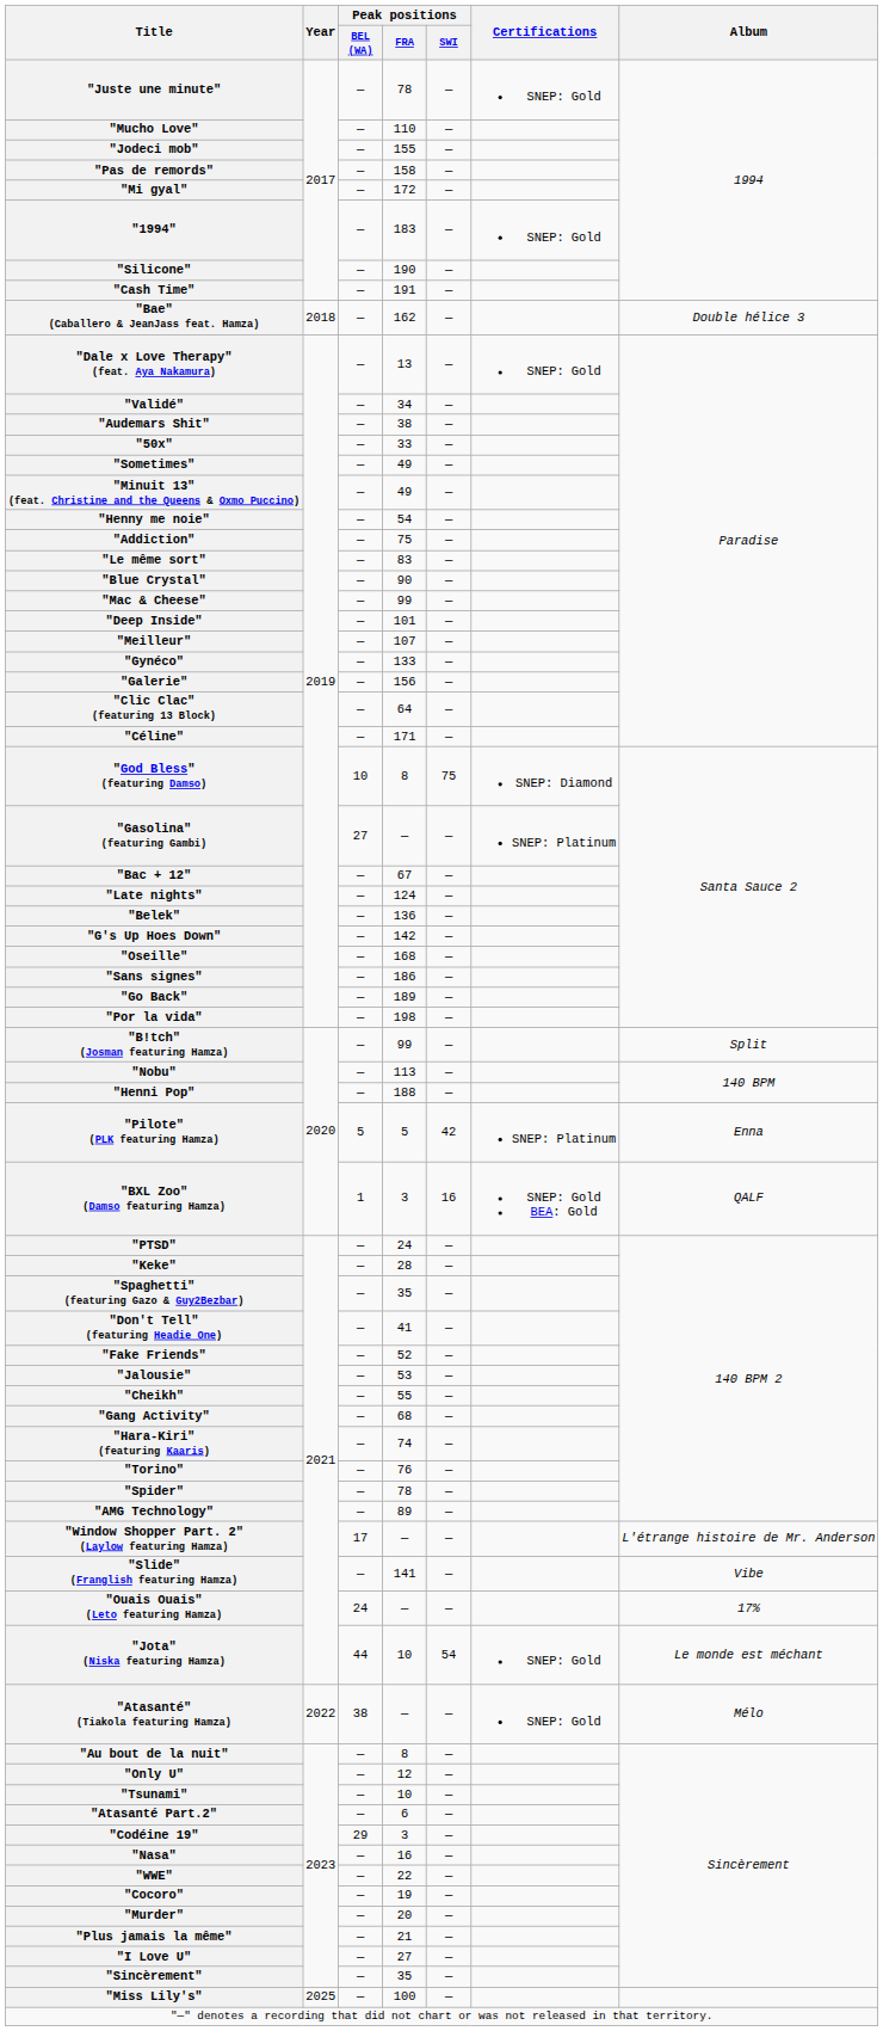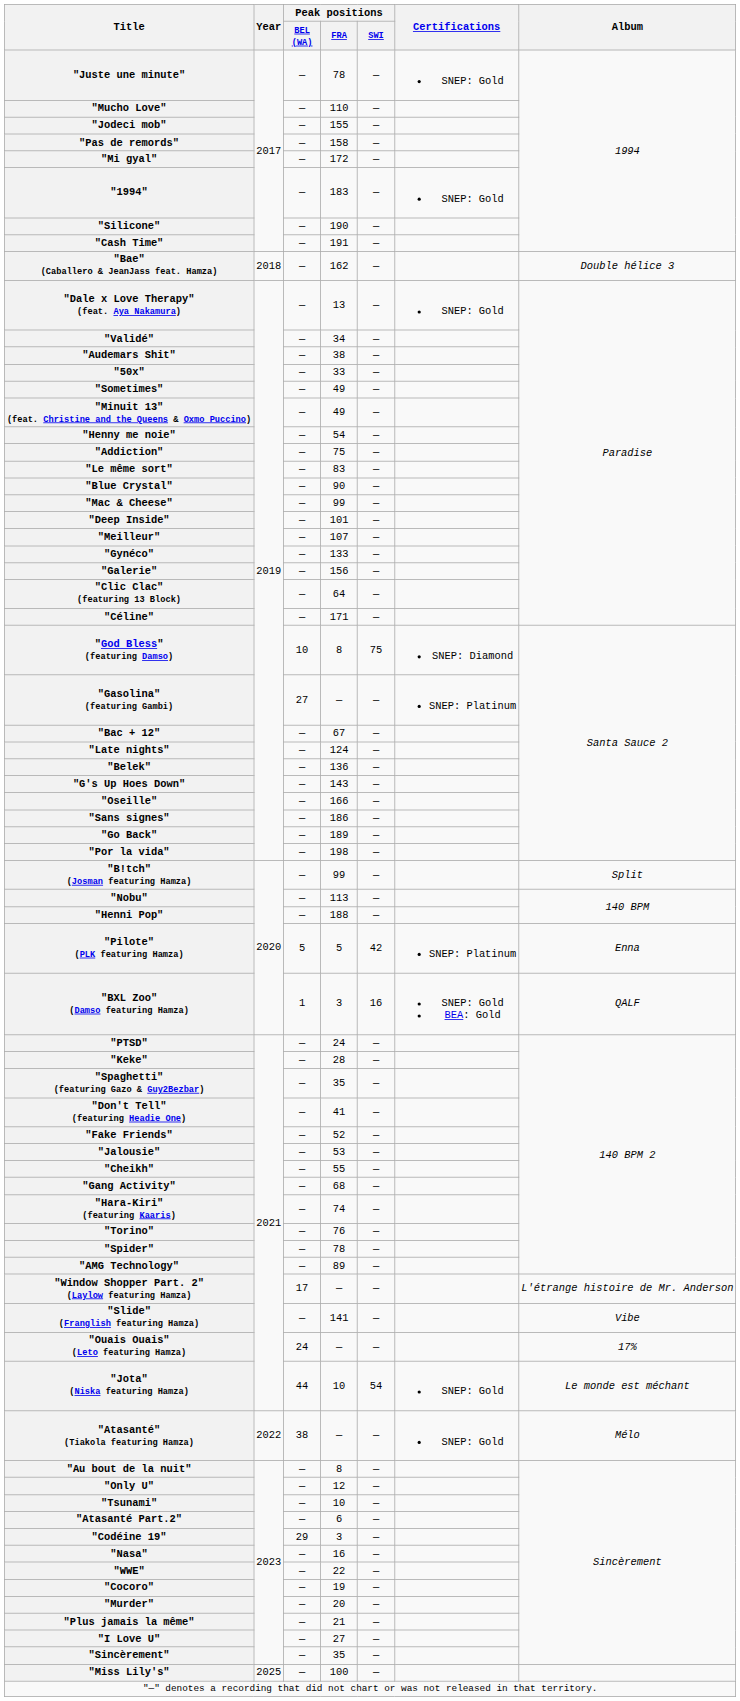 <table class="wikitable plainrowheaders" style="text-align:center;">
 <tr>
 <th rowspan="2" style="text-align:center;">Title</th>
 <th rowspan="2" style="text-align:center; width:10px;">Year</th>
 <th style="text-align:center;" colspan="3">Peak positions</th>
 <th align="center" rowspan="2"><a href='#'>Certifications</a></th>
 <th rowspan="2" style="text-align:center;">Album</th>
 </tr>
 <tr>
 <th width="40"><small><a href='#'>BEL<br>(WA)</a></small><br></th>
 <th width="40"><small><a href='#'>FRA</a></small><br></th>
 <th width="40"><small><a href='#'>SWI</a></small><br></th>
 </tr>
 <tr>
 <th scope="row">"Juste une minute"</th>
 <td style="text-align:center;" rowspan=8>2017</td>
 <td style="text-align:center;">—</td>
 <td style="text-align:center;">78</td>
 <td>—</td>
 <td><br><ul><li>SNEP: Gold</li></ul></td>
 <td style="text-align:center;" rowspan=8><em>1994</em></td>
 </tr>
 <tr>
 <th scope="row">"Mucho Love"</th>
 <td style="text-align:center;">—</td>
 <td style="text-align:center;">110</td>
 <td>—</td>
 <td></td>
 </tr>
 <tr>
 <th scope="row">"Jodeci mob"</th>
 <td style="text-align:center;">—</td>
 <td style="text-align:center;">155</td>
 <td>—</td>
 <td></td>
 </tr>
 <tr>
 <th scope="row">"Pas de remords"</th>
 <td style="text-align:center;">—</td>
 <td style="text-align:center;">158</td>
 <td>—</td>
 <td></td>
 </tr>
 <tr>
 <th scope="row">"Mi gyal"</th>
 <td style="text-align:center;">—</td>
 <td style="text-align:center;">172</td>
 <td>—</td>
 <td></td>
 </tr>
 <tr>
 <th scope="row">"1994"</th>
 <td style="text-align:center;">—</td>
 <td style="text-align:center;">183</td>
 <td>—</td>
 <td><br><ul><li>SNEP: Gold</li></ul></td>
 </tr>
 <tr>
 <th scope="row">"Silicone"</th>
 <td style="text-align:center;">—</td>
 <td style="text-align:center;">190</td>
 <td>—</td>
 <td></td>
 </tr>
 <tr>
 <th scope="row">"Cash Time"</th>
 <td style="text-align:center;">—</td>
 <td style="text-align:center;">191</td>
 <td>—</td>
 <td></td>
 </tr>
 <tr>
 <th scope="row">"Bae"<br><small>(Caballero & JeanJass feat. Hamza)</small></th>
 <td style="text-align:center;">2018</td>
 <td style="text-align:center;">—</td>
 <td style="text-align:center;">162</td>
 <td style="text-align:center;">—</td>
 <td></td>
 <td style="text-align:center;"><em>Double hélice 3</em></td>
 </tr>
 <tr>
 <th scope="row">"Dale x Love Therapy" <br><small>(feat. <a href='#'>Aya Nakamura</a>)</small></th>
 <td style="text-align:center;" rowspan=27>2019</td>
 <td style="text-align:center;">—</td>
 <td style="text-align:center;">13</td>
 <td>—</td>
 <td><br><ul><li>SNEP: Gold</li></ul></td>
 <td style="text-align:center;" rowspan=17><em>Paradise</em></td>
 </tr>
 <tr>
 <th scope="row">"Validé"</th>
 <td style="text-align:center;">—</td>
 <td style="text-align:center;">34</td>
 <td>—</td>
 <td></td>
 </tr>
 <tr>
 <th scope="row">"Audemars Shit"</th>
 <td style="text-align:center;">—</td>
 <td style="text-align:center;">38</td>
 <td>—</td>
 <td></td>
 </tr>
 <tr>
 <th scope="row">"50x"</th>
 <td style="text-align:center;">—</td>
 <td style="text-align:center;">33</td>
 <td>—</td>
 <td></td>
 </tr>
 <tr>
 <th scope="row">"Sometimes"</th>
 <td style="text-align:center;">—</td>
 <td style="text-align:center;">49</td>
 <td>—</td>
 <td></td>
 </tr>
 <tr>
 <th scope="row">"Minuit 13" <br><small>(feat. <a href='#'>Christine and the Queens</a> & <a href='#'>Oxmo Puccino</a>)</small></th>
 <td style="text-align:center;">—</td>
 <td style="text-align:center;">49</td>
 <td>—</td>
 <td></td>
 </tr>
 <tr>
 <th scope="row">"Henny me noie"</th>
 <td style="text-align:center;">—</td>
 <td style="text-align:center;">54</td>
 <td>—</td>
 <td></td>
 </tr>
 <tr>
 <th scope="row">"Addiction"</th>
 <td style="text-align:center;">—</td>
 <td style="text-align:center;">75</td>
 <td>—</td>
 <td></td>
 </tr>
 <tr>
 <th scope="row">"Le même sort"</th>
 <td style="text-align:center;">—</td>
 <td style="text-align:center;">83</td>
 <td>—</td>
 <td></td>
 </tr>
 <tr>
 <th scope="row">"Blue Crystal"</th>
 <td style="text-align:center;">—</td>
 <td style="text-align:center;">90</td>
 <td>—</td>
 <td></td>
 </tr>
 <tr>
 <th scope="row">"Mac & Cheese"</th>
 <td style="text-align:center;">—</td>
 <td style="text-align:center;">99</td>
 <td>—</td>
 <td></td>
 </tr>
 <tr>
 <th scope="row">"Deep Inside"</th>
 <td style="text-align:center;">—</td>
 <td style="text-align:center;">101</td>
 <td>—</td>
 <td></td>
 </tr>
 <tr>
 <th scope="row">"Meilleur"</th>
 <td style="text-align:center;">—</td>
 <td style="text-align:center;">107</td>
 <td>—</td>
 <td></td>
 </tr>
 <tr>
 <th scope="row">"Gynéco"</th>
 <td style="text-align:center;">—</td>
 <td style="text-align:center;">133</td>
 <td>—</td>
 <td></td>
 </tr>
 <tr>
 <th scope="row">"Galerie"</th>
 <td style="text-align:center;">—</td>
 <td style="text-align:center;">156</td>
 <td>—</td>
 <td></td>
 </tr>
 <tr>
 <th scope="row">"Clic Clac"<br><small>(featuring 13 Block)</small></th>
 <td style="text-align:center;">—</td>
 <td style="text-align:center;">64<br></td>
 <td>—</td>
 <td></td>
 </tr>
 <tr>
 <th scope="row">"Céline"</th>
 <td style="text-align:center;">—</td>
 <td style="text-align:center;">171<br></td>
 <td>—</td>
 <td></td>
 </tr>
 <tr>
 <th scope="row">"<a href='#'>God Bless</a>"<br><small>(featuring <a href='#'>Damso</a>)</small></th>
 <td style="text-align:center;">10</td>
 <td style="text-align:center;">8</td>
 <td style="text-align:center;">75</td>
 <td><br><ul><li>SNEP: Diamond</li></ul></td>
 <td rowspan=10><em>Santa Sauce 2</em></td>
 </tr>
 <tr>
 <th scope="row">"Gasolina"<br><small>(featuring Gambi)</small></th>
 <td style="text-align:center;">27</td>
 <td style="text-align:center;">—</td>
 <td>—</td>
 <td><br><ul><li>SNEP: Platinum</li></ul></td>
 </tr>
 <tr>
 <th scope="row">"Bac + 12"</th>
 <td style="text-align:center;">—</td>
 <td style="text-align:center;">67</td>
 <td>—</td>
 <td></td>
 </tr>
 <tr>
 <th scope="row">"Late nights"</th>
 <td style="text-align:center;">—</td>
 <td style="text-align:center;">124</td>
 <td>—</td>
 <td></td>
 </tr>
 <tr>
 <th scope="row">"Belek"</th>
 <td style="text-align:center;">—</td>
 <td style="text-align:center;">136</td>
 <td>—</td>
 <td></td>
 </tr>
 <tr>
 <th scope="row">"G's Up Hoes Down"</th>
 <td style="text-align:center;">—</td>
-<td style="text-align:center;">142</td>
+<td style="text-align:center;">143</td>
 <td>—</td>
 <td></td>
 </tr>
 <tr>
 <th scope="row">"Oseille"</th>
 <td style="text-align:center;">—</td>
-<td style="text-align:center;">168</td>
+<td style="text-align:center;">166</td>
 <td>—</td>
 <td></td>
 </tr>
 <tr>
 <th scope="row">"Sans signes"</th>
 <td style="text-align:center;">—</td>
 <td style="text-align:center;">186</td>
 <td>—</td>
 <td></td>
 </tr>
 <tr>
 <th scope="row">"Go Back"</th>
 <td style="text-align:center;">—</td>
 <td style="text-align:center;">189</td>
 <td>—</td>
 <td></td>
 </tr>
 <tr>
 <th scope="row">"Por la vida"</th>
 <td style="text-align:center;">—</td>
 <td style="text-align:center;">198</td>
 <td>—</td>
 <td></td>
 </tr>
 <tr>
 <th scope="row">"B!tch"<br><small>(<a href='#'>Josman</a> featuring Hamza)</small></th>
 <td style="text-align:center;" rowspan=5>2020</td>
 <td style="text-align:center;">—</td>
 <td style="text-align:center;">99</td>
 <td style="text-align:center;">—</td>
 <td></td>
 <td><em>Split</em></td>
 </tr>
 <tr>
 <th scope="row">"Nobu"</th>
 <td style="text-align:center;">—</td>
 <td style="text-align:center;">113</td>
 <td>—</td>
 <td></td>
 <td style="text-align:center;" rowspan=2><em>140 BPM</em></td>
 </tr>
 <tr>
 <th scope="row">"Henni Pop"</th>
 <td style="text-align:center;">—</td>
 <td style="text-align:center;">188</td>
 <td>—</td>
 <td></td>
 </tr>
 <tr>
 <th scope="row">"Pilote"<br><small>(<a href='#'>PLK</a> featuring Hamza)</small></th>
 <td style="text-align:center;">5</td>
 <td style="text-align:center;">5</td>
 <td style="text-align:center;">42</td>
 <td><br><ul><li>SNEP: Platinum</li></ul></td>
 <td><em>Enna</em></td>
 </tr>
 <tr>
 <th scope="row">"BXL Zoo"<br><small>(<a href='#'>Damso</a> featuring Hamza)</small></th>
 <td style="text-align:center;">1</td>
 <td style="text-align:center;">3</td>
 <td style="text-align:center;">16</td>
 <td><br><ul><li>SNEP: Gold</li><li><a href='#'>BEA</a>: Gold</li></ul></td>
 <td style="text-align:center;"><em>QALF</em></td>
 </tr>
 <tr>
 <th scope="row">"PTSD"</th>
 <td style="text-align:center;" rowspan=16>2021</td>
 <td style="text-align:center;">—</td>
 <td style="text-align:center;">24</td>
 <td>—</td>
 <td></td>
 <td style="text-align:center;" rowspan=12><em>140 BPM 2</em></td>
 </tr>
 <tr>
 <th scope="row">"Keke"</th>
 <td style="text-align:center;">—</td>
 <td style="text-align:center;">28</td>
 <td>—</td>
 <td></td>
 </tr>
 <tr>
 <th scope="row">"Spaghetti" <br><small>(featuring Gazo & <a href='#'>Guy2Bezbar</a>)</small></th>
 <td style="text-align:center;">—</td>
 <td style="text-align:center;">35</td>
 <td>—</td>
 <td></td>
 </tr>
 <tr>
 <th scope="row">"Don't Tell"<br><small>(featuring <a href='#'>Headie One</a>)</small></th>
 <td style="text-align:center;">—</td>
 <td style="text-align:center;">41</td>
 <td>—</td>
 <td></td>
 </tr>
 <tr>
 <th scope="row">"Fake Friends"</th>
 <td style="text-align:center;">—</td>
 <td style="text-align:center;">52</td>
 <td>—</td>
 <td></td>
 </tr>
 <tr>
 <th scope="row">"Jalousie"</th>
 <td style="text-align:center;">—</td>
 <td style="text-align:center;">53</td>
 <td>—</td>
 <td></td>
 </tr>
 <tr>
 <th scope="row">"Cheikh"</th>
 <td style="text-align:center;">—</td>
 <td style="text-align:center;">55</td>
 <td>—</td>
 <td></td>
 </tr>
 <tr>
 <th scope="row">"Gang Activity"</th>
 <td style="text-align:center;">—</td>
 <td style="text-align:center;">68</td>
 <td>—</td>
 <td></td>
 </tr>
 <tr>
 <th scope="row">"Hara-Kiri"<br><small>(featuring <a href='#'>Kaaris</a>)</small></th>
 <td style="text-align:center;">—</td>
 <td style="text-align:center;">74</td>
 <td>—</td>
 <td></td>
 </tr>
 <tr>
 <th scope="row">"Torino"</th>
 <td style="text-align:center;">—</td>
 <td style="text-align:center;">76</td>
 <td>—</td>
 <td></td>
 </tr>
 <tr>
 <th scope="row">"Spider"</th>
 <td style="text-align:center;">—</td>
 <td style="text-align:center;">78</td>
 <td>—</td>
 <td></td>
 </tr>
 <tr>
 <th scope="row">"AMG Technology"</th>
 <td style="text-align:center;">—</td>
 <td style="text-align:center;">89</td>
 <td>—</td>
 <td></td>
 </tr>
 <tr>
 <th scope="row">"Window Shopper Part. 2"<br><small>(<a href='#'>Laylow</a> featuring Hamza)</small></th>
 <td style="text-align:center;">17</td>
 <td style="text-align:center;">—</td>
 <td style="text-align:center;">—</td>
 <td></td>
 <td style="text-align:center;"><em>L'étrange histoire de Mr. Anderson</em></td>
 </tr>
 <tr>
 <th scope="row">"Slide"<br><small>(<a href='#'>Franglish</a> featuring Hamza)</small></th>
 <td style="text-align:center;">—</td>
 <td style="text-align:center;">141</td>
 <td>—</td>
 <td></td>
 <td style="text-align:center;"><em>Vibe</em></td>
 </tr>
 <tr>
 <th scope="row">"Ouais Ouais"<br><small>(<a href='#'>Leto</a> featuring Hamza)</small></th>
 <td style="text-align:center;">24</td>
 <td style="text-align:center;">—</td>
 <td style="text-align:center;">—</td>
 <td></td>
 <td style="text-align:center;"><em>17%</em></td>
 </tr>
 <tr>
 <th scope="row">"Jota"<br><small>(<a href='#'>Niska</a> featuring Hamza)</small></th>
 <td style="text-align:center;">44</td>
 <td style="text-align:center;">10</td>
 <td style="text-align:center;">54</td>
 <td><br><ul><li>SNEP: Gold</li></ul></td>
 <td style="text-align:center;"><em>Le monde est méchant</em></td>
 </tr>
 <tr>
 <th scope="row">"Atasanté"<br><small>(Tiakola featuring Hamza)</small></th>
 <td>2022</td>
 <td>38</td>
 <td>—</td>
 <td>—</td>
 <td><br><ul><li>SNEP: Gold</li></ul></td>
 <td><em>Mélo</em></td>
 </tr>
 <tr>
 <th scope="row">"Au bout de la nuit"</th>
 <td rowspan=12>2023</td>
 <td>—</td>
 <td>8</td>
 <td>—</td>
 <td></td>
 <td rowspan=12><em>Sincèrement</em></td>
 </tr>
 <tr>
 <th scope="row">"Only U"</th>
 <td>—</td>
 <td>12</td>
 <td>—</td>
 <td></td>
 </tr>
 <tr>
 <th scope="row">"Tsunami"</th>
 <td>—</td>
 <td>10</td>
 <td>—</td>
 <td></td>
 </tr>
 <tr>
 <th scope="row">"Atasanté Part.2"<br></th>
 <td>—</td>
 <td>6</td>
 <td>—</td>
 <td></td>
 </tr>
 <tr>
 <th scope="row">"Codéine 19"</th>
 <td>29</td>
 <td>3</td>
 <td>—</td>
 <td></td>
 </tr>
 <tr>
 <th scope="row">"Nasa"</th>
 <td>—</td>
 <td>16</td>
 <td>—</td>
 <td></td>
 </tr>
 <tr>
 <th scope="row">"WWE"</th>
 <td>—</td>
 <td>22</td>
 <td>—</td>
 <td></td>
 </tr>
 <tr>
 <th scope="row">"Cocoro"<br></th>
 <td>—</td>
 <td>19</td>
 <td>—</td>
 <td></td>
 </tr>
 <tr>
 <th scope="row">"Murder"</th>
 <td>—</td>
 <td>20</td>
 <td>—</td>
 <td></td>
 </tr>
 <tr>
 <th scope="row">"Plus jamais la même"</th>
 <td>—</td>
 <td>21</td>
 <td>—</td>
 <td></td>
 </tr>
 <tr>
 <th scope="row">"I Love U"</th>
 <td>—</td>
 <td>27</td>
 <td>—</td>
 <td></td>
 </tr>
 <tr>
 <th scope="row">"Sincèrement"</th>
 <td>—</td>
 <td>35</td>
 <td>—</td>
 <td></td>
 </tr>
 <tr>
 <th scope="row">"Miss Lily's"<br></th>
 <td>2025</td>
 <td>—</td>
 <td>100</td>
 <td>—</td>
 <td></td>
 </tr>
 <tr>
 <td colspan="10" style="font-size:90%">"—" denotes a recording that did not chart or was not released in that territory.</td>
 </tr>
 </table>
